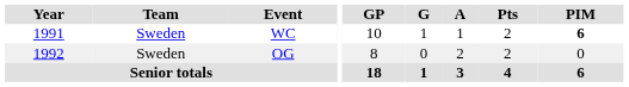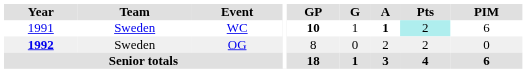 <table border="0" cellpadding="1" cellspacing="0" ID="Table3" style="text-align:center; width:40em">
 <tr ALIGN="center" bgcolor="#e0e0e0">
 <th>Year</th>
 <th>Team</th>
 <th>Event</th>
 <th rowspan="99" bgcolor="#ffffff"></th>
 <th>GP</th>
 <th>G</th>
 <th>A</th>
 <th>Pts</th>
 <th>PIM</th>
 </tr>
 <tr>
 <td><a href='#'>1991</a></td>
 <td><a href='#'>Sweden</a></td>
 <td><a href='#'>WC</a></td>
-<td>10</td>
+<td><strong>10</strong></td>
 <td>1</td>
-<td>1</td>
-<td>2</td>
-<td><strong>6</strong></td>
+<td><strong>1</strong></td>
+<td style="background: paleturquoise;">2</td>
+<td>6</td>
 </tr>
 <tr bgcolor="#f0f0f0">
-<td><a href='#'>1992</a></td>
+<td><strong><a href='#'>1992</a></strong></td>
 <td>Sweden</td>
 <td><a href='#'>OG</a></td>
 <td>8</td>
 <td>0</td>
 <td>2</td>
 <td>2</td>
 <td>0</td>
 </tr>
 <tr bgcolor="#e0e0e0">
 <th colspan="3">Senior totals</th>
 <th>18</th>
 <th>1</th>
 <th>3</th>
 <th>4</th>
 <th>6</th>
 </tr>
 </table>
